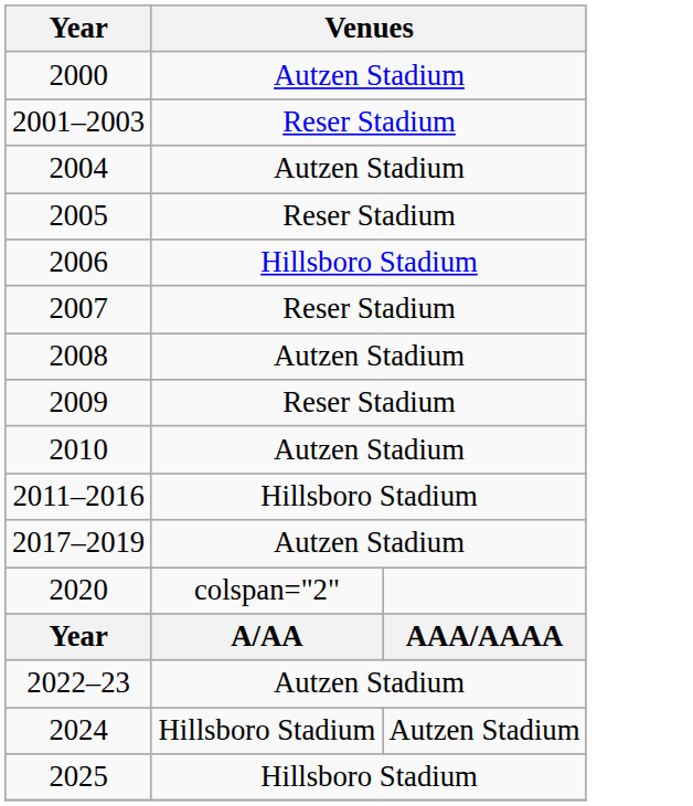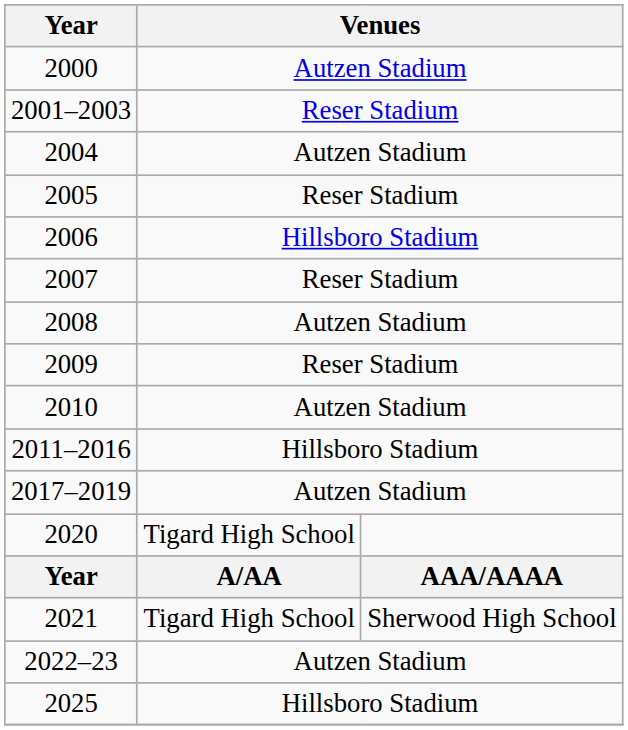 <table class="wikitable" style="text-align: center;">
 <tr>
 <th>Year</th>
 <th colspan="2">Venues</th>
 </tr>
 <tr>
 <td>2000</td>
 <td colspan="2"><a href='#'>Autzen Stadium</a></td>
 </tr>
 <tr>
 <td>2001–2003</td>
 <td colspan="2"><a href='#'>Reser Stadium</a></td>
 </tr>
 <tr>
 <td>2004</td>
 <td colspan="2">Autzen Stadium</td>
 </tr>
 <tr>
 <td>2005</td>
 <td colspan="2">Reser Stadium</td>
 </tr>
 <tr>
 <td>2006</td>
 <td colspan="2"><a href='#'>Hillsboro Stadium</a></td>
 </tr>
 <tr>
 <td>2007</td>
 <td colspan="2">Reser Stadium</td>
 </tr>
 <tr>
 <td>2008</td>
 <td colspan="2">Autzen Stadium</td>
 </tr>
 <tr>
 <td>2009</td>
 <td colspan="2">Reser Stadium</td>
 </tr>
 <tr>
 <td>2010</td>
 <td colspan="2">Autzen Stadium</td>
 </tr>
 <tr>
 <td>2011–2016</td>
 <td colspan="2">Hillsboro Stadium</td>
 </tr>
 <tr>
 <td>2017–2019</td>
 <td colspan="2">Autzen Stadium</td>
 </tr>
 <tr>
 <td>2020</td>
-<td>colspan="2" </td>
+<td>Tigard High School</td>
 </tr>
 <tr>
 <th>Year</th>
 <th>A/AA</th>
 <th>AAA/AAAA</th>
 </tr>
 <tr>
+<td>2021</td>
+<td>Tigard High School</td>
+<td>Sherwood High School</td>
+</tr>
+<tr>
 <td>2022–23</td>
 <td colspan="2">Autzen Stadium</td>
-</tr>
-<tr>
-<td>2024</td>
-<td>Hillsboro Stadium</td>
-<td>Autzen Stadium</td>
 </tr>
 <tr>
 <td>2025</td>
 <td colspan="2">Hillsboro Stadium</td>
 </tr>
 <tr>
 </tr>
 </table>
